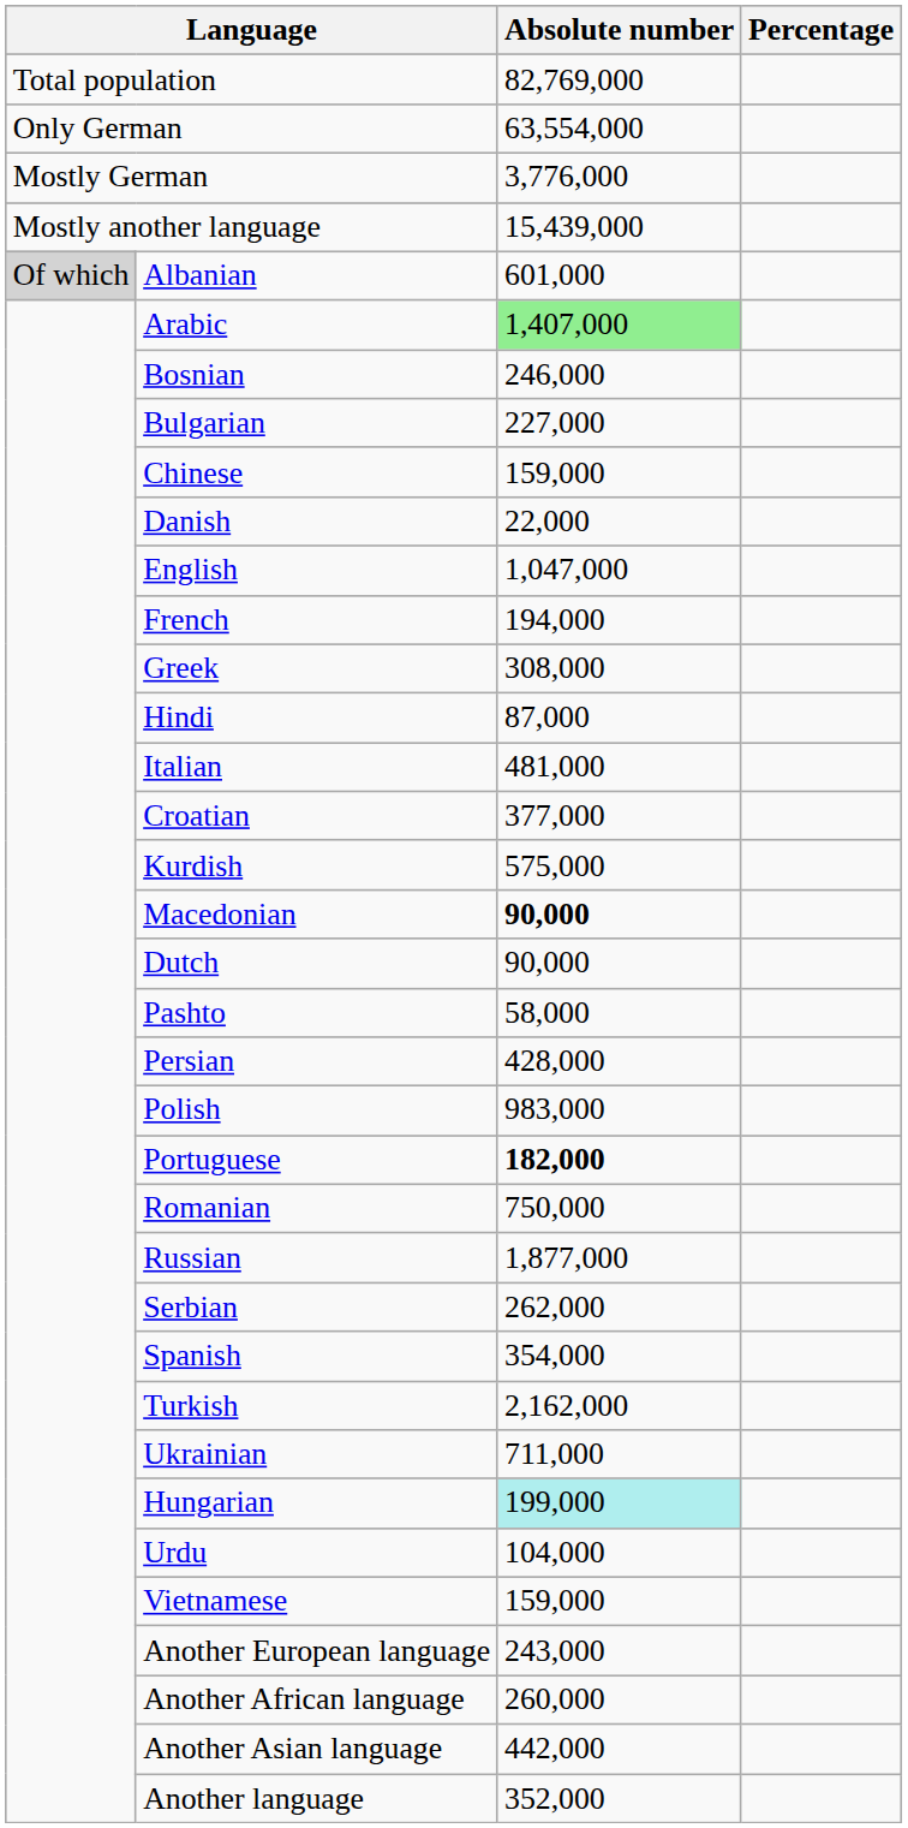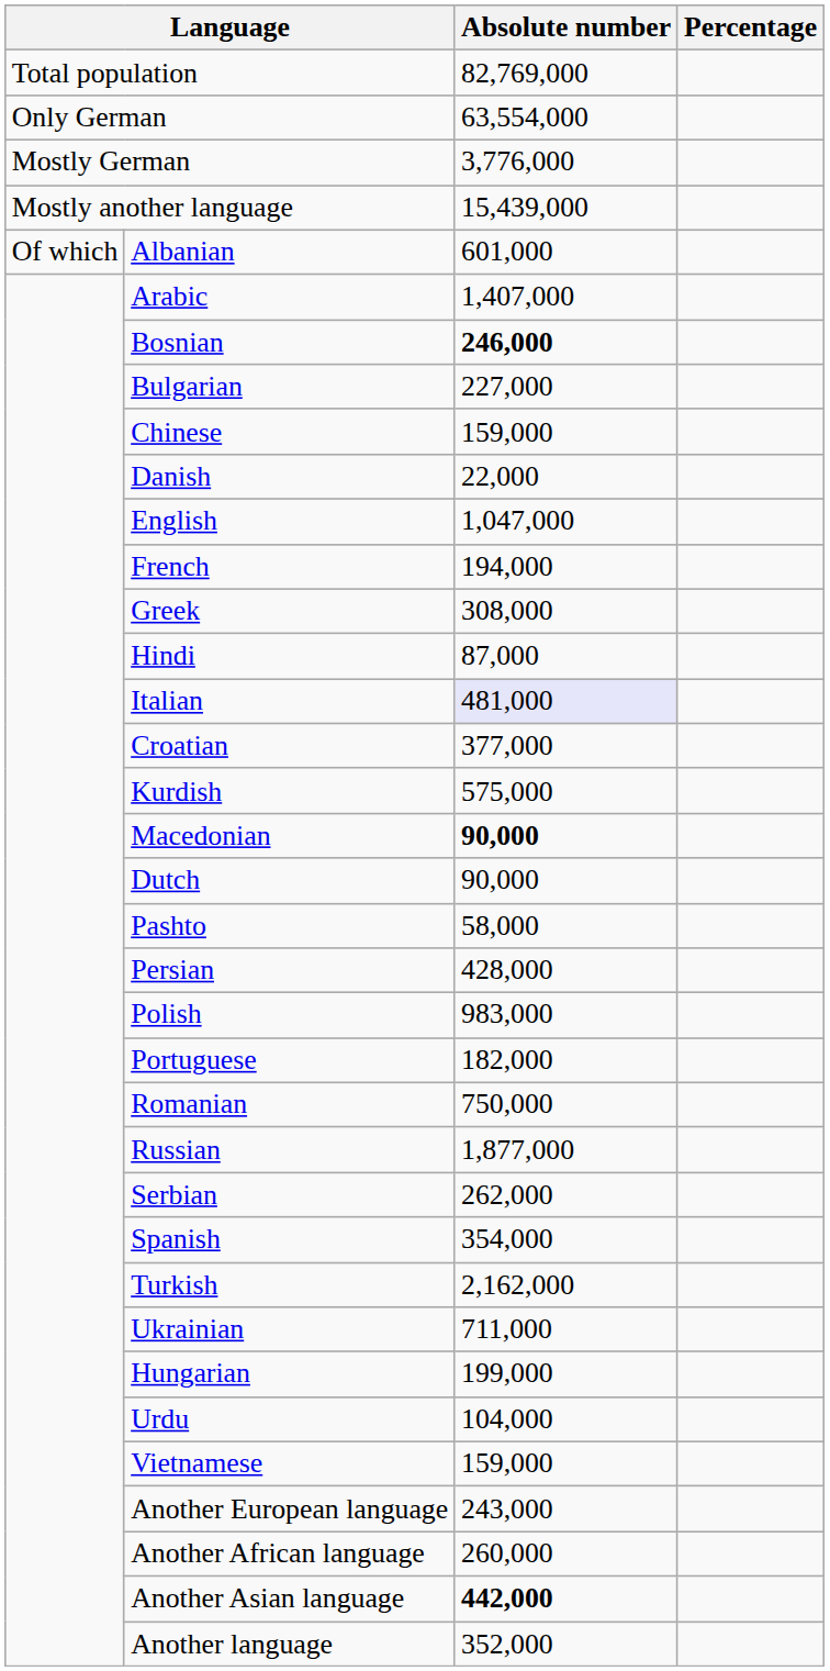 <table class="wikitable sortable">
 <tr>
 <th colspan="2">Language</th>
 <th>Absolute number</th>
 <th>Percentage</th>
 </tr>
 <tr>
 <td colspan="2">Total population</td>
 <td>82,769,000</td>
 <td></td>
 </tr>
 <tr>
 <td colspan="2">Only German</td>
 <td>63,554,000</td>
 <td></td>
 </tr>
 <tr>
 <td colspan="2">Mostly German</td>
 <td>3,776,000</td>
 <td></td>
 </tr>
 <tr>
 <td colspan="2">Mostly another language</td>
 <td>15,439,000</td>
 <td></td>
 </tr>
 <tr>
-<td style="background: lightgrey;">Of which</td>
+<td>Of which</td>
 <td><a href='#'>Albanian</a></td>
 <td>601,000</td>
 <td></td>
 </tr>
 <tr>
 <td rowspan="31"></td>
 <td><a href='#'>Arabic</a></td>
-<td style="background: lightgreen;">1,407,000</td>
+<td>1,407,000</td>
 <td></td>
 </tr>
 <tr>
 <td><a href='#'>Bosnian</a></td>
-<td>246,000</td>
+<td><strong>246,000</strong></td>
 <td></td>
 </tr>
 <tr>
 <td><a href='#'>Bulgarian</a></td>
 <td>227,000</td>
 <td></td>
 </tr>
 <tr>
 <td><a href='#'>Chinese</a></td>
 <td>159,000</td>
 <td></td>
 </tr>
 <tr>
 <td><a href='#'>Danish</a></td>
 <td>22,000</td>
 <td></td>
 </tr>
 <tr>
 <td><a href='#'>English</a></td>
 <td>1,047,000</td>
 <td></td>
 </tr>
 <tr>
 <td><a href='#'>French</a></td>
 <td>194,000</td>
 <td></td>
 </tr>
 <tr>
 <td><a href='#'>Greek</a></td>
 <td>308,000</td>
 <td></td>
 </tr>
 <tr>
 <td><a href='#'>Hindi</a></td>
 <td>87,000</td>
 <td></td>
 </tr>
 <tr>
 <td><a href='#'>Italian</a></td>
-<td>481,000</td>
+<td style="background: lavender;">481,000</td>
 <td></td>
 </tr>
 <tr>
 <td><a href='#'>Croatian</a></td>
 <td>377,000</td>
 <td></td>
 </tr>
 <tr>
 <td><a href='#'>Kurdish</a></td>
 <td>575,000</td>
 <td></td>
 </tr>
 <tr>
 <td><a href='#'>Macedonian</a></td>
 <td><strong>90,000</strong></td>
 <td></td>
 </tr>
 <tr>
 <td><a href='#'>Dutch</a></td>
 <td>90,000</td>
 <td></td>
 </tr>
 <tr>
 <td><a href='#'>Pashto</a></td>
 <td>58,000</td>
 <td></td>
 </tr>
 <tr>
 <td><a href='#'>Persian</a></td>
 <td>428,000</td>
 <td></td>
 </tr>
 <tr>
 <td><a href='#'>Polish</a></td>
 <td>983,000</td>
 <td></td>
 </tr>
 <tr>
 <td><a href='#'>Portuguese</a></td>
-<td><strong>182,000</strong></td>
+<td>182,000</td>
 <td></td>
 </tr>
 <tr>
 <td><a href='#'>Romanian</a></td>
 <td>750,000</td>
 <td></td>
 </tr>
 <tr>
 <td><a href='#'>Russian</a></td>
 <td>1,877,000</td>
 <td></td>
 </tr>
 <tr>
 <td><a href='#'>Serbian</a></td>
 <td>262,000</td>
 <td></td>
 </tr>
 <tr>
 <td><a href='#'>Spanish</a></td>
 <td>354,000</td>
 <td></td>
 </tr>
 <tr>
 <td><a href='#'>Turkish</a></td>
 <td>2,162,000</td>
 <td></td>
 </tr>
 <tr>
 <td><a href='#'>Ukrainian</a></td>
 <td>711,000</td>
 <td></td>
 </tr>
 <tr>
 <td><a href='#'>Hungarian</a></td>
-<td style="background: paleturquoise;">199,000</td>
+<td>199,000</td>
 <td></td>
 </tr>
 <tr>
 <td><a href='#'>Urdu</a></td>
 <td>104,000</td>
 <td></td>
 </tr>
 <tr>
 <td><a href='#'>Vietnamese</a></td>
 <td>159,000</td>
 <td></td>
 </tr>
 <tr>
 <td>Another European language</td>
 <td>243,000</td>
 <td></td>
 </tr>
 <tr>
 <td>Another African language</td>
 <td>260,000</td>
 <td></td>
 </tr>
 <tr>
 <td>Another Asian language</td>
-<td>442,000</td>
+<td><strong>442,000</strong></td>
 <td></td>
 </tr>
 <tr>
 <td>Another language</td>
 <td>352,000</td>
 <td></td>
 </tr>
 </table>
